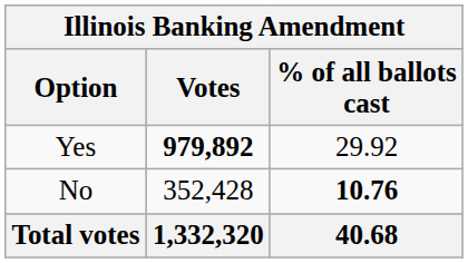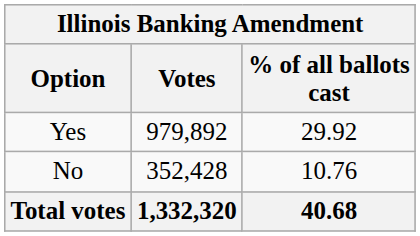 <table class="wikitable">
 <tr>
 <th colspan=4 text align=center>Illinois Banking Amendment</th>
 </tr>
 <tr>
 <th>Option</th>
 <th>Votes</th>
 <th>% of all ballots<br>cast</th>
 </tr>
 <tr>
 <td text align=center>Yes</td>
-<td text align=center><strong>979,892</strong></td>
+<td text align=center>979,892</td>
 <td text align=center>29.92</td>
 </tr>
 <tr>
 <td text align=center>No</td>
 <td text align=center>352,428</td>
-<td text align=center><strong>10.76</strong></td>
+<td text align=center>10.76</td>
 </tr>
 <tr>
 <th text align=center>Total votes</th>
 <th text align=center><strong>1,332,320</strong></th>
 <th text align=center><strong>40.68</strong></th>
 </tr>
 </table>
